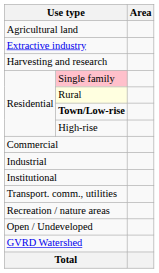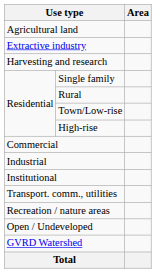 <table class="wikitable sortable">
 <tr>
 <th colspan="2">Use type</th>
 <th>Area</th>
 </tr>
 <tr>
 <td colspan="2">Agricultural land</td>
 <td></td>
 </tr>
 <tr>
 <td colspan="2"><a href='#'>Extractive industry</a></td>
 <td></td>
 </tr>
 <tr>
 <td colspan="2">Harvesting and research</td>
 <td></td>
 </tr>
 <tr>
 <td rowspan="4">Residential</td>
-<td style="background: pink;">Single family</td>
+<td>Single family</td>
 <td></td>
 </tr>
 <tr>
-<td style="background: lightyellow;">Rural</td>
+<td>Rural</td>
 <td></td>
 </tr>
 <tr>
-<td><strong>Town/Low-rise</strong></td>
+<td>Town/Low-rise</td>
 <td></td>
 </tr>
 <tr>
 <td>High-rise</td>
 <td></td>
 </tr>
 <tr>
 <td colspan="2">Commercial</td>
 <td></td>
 </tr>
 <tr>
 <td colspan="2">Industrial</td>
 <td></td>
 </tr>
 <tr>
 <td colspan="2">Institutional</td>
 <td></td>
 </tr>
 <tr>
 <td colspan="2">Transport. comm., utilities</td>
 <td></td>
 </tr>
 <tr>
 <td colspan="2">Recreation / nature areas</td>
 <td></td>
 </tr>
 <tr>
 <td colspan="2">Open / Undeveloped</td>
 <td></td>
 </tr>
 <tr>
 <td colspan="2"><a href='#'>GVRD Watershed</a></td>
 <td></td>
 </tr>
 <tr>
 <th colspan="2">Total</th>
 <th></th>
 </tr>
 </table>
